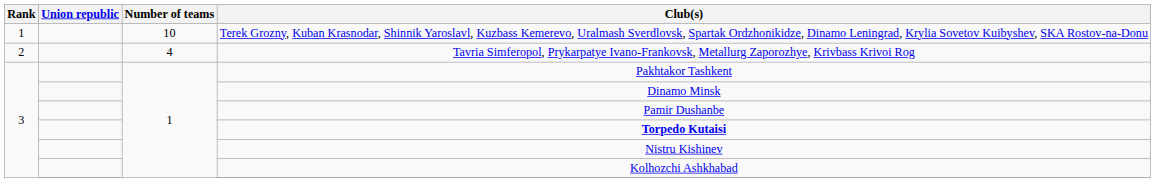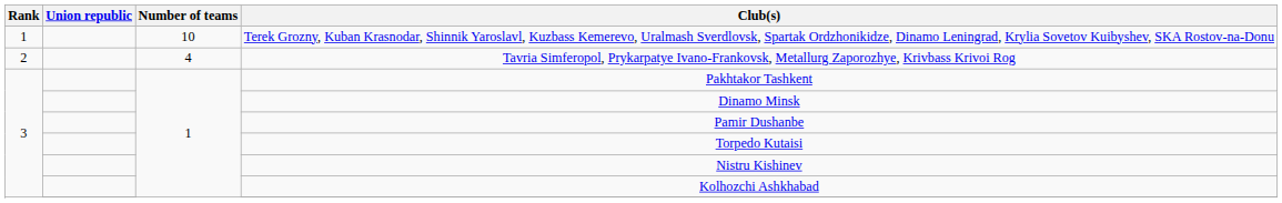 <table class="wikitable">
 <tr>
 <th>Rank</th>
 <th><a href='#'>Union republic</a></th>
 <th>Number of teams</th>
 <th>Club(s)</th>
 </tr>
 <tr>
 <td align="center">1</td>
 <td></td>
 <td align="center">10</td>
 <td align="center"><a href='#'>Terek Grozny</a>, <a href='#'>Kuban Krasnodar</a>, <a href='#'>Shinnik Yaroslavl</a>, <a href='#'>Kuzbass Kemerevo</a>, <a href='#'>Uralmash Sverdlovsk</a>, <a href='#'>Spartak Ordzhonikidze</a>, <a href='#'>Dinamo Leningrad</a>, <a href='#'>Krylia Sovetov Kuibyshev</a>, <a href='#'>SKA Rostov-na-Donu</a></td>
 </tr>
 <tr>
 <td align="center">2</td>
 <td></td>
 <td align="center">4</td>
 <td align="center"><a href='#'>Tavria Simferopol</a>, <a href='#'>Prykarpatye Ivano-Frankovsk</a>, <a href='#'>Metallurg Zaporozhye</a>, <a href='#'>Krivbass Krivoi Rog</a></td>
 </tr>
 <tr>
 <td align="center" rowspan=10>3</td>
 <td></td>
 <td align="center" rowspan=10>1</td>
 <td align="center"><a href='#'>Pakhtakor Tashkent</a></td>
 </tr>
 <tr>
 <td></td>
 <td align="center"><a href='#'>Dinamo Minsk</a></td>
 </tr>
 <tr>
 <td></td>
 <td align="center"><a href='#'>Pamir Dushanbe</a></td>
 </tr>
 <tr>
 <td></td>
-<td align="center"><strong><a href='#'>Torpedo Kutaisi</a></strong></td>
+<td align="center"><a href='#'>Torpedo Kutaisi</a></td>
 </tr>
 <tr>
 <td></td>
 <td align="center"><a href='#'>Nistru Kishinev</a></td>
 </tr>
 <tr>
 <td></td>
 <td align="center"><a href='#'>Kolhozchi Ashkhabad</a></td>
 </tr>
 <tr>
 </tr>
 </table>
